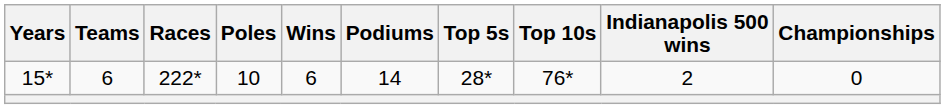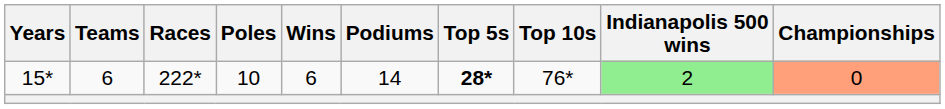 <table class="wikitable" style="text-align:center; font-size:90%">
 <tr>
 <th>Years</th>
 <th>Teams</th>
 <th>Races</th>
 <th>Poles</th>
 <th>Wins</th>
 <th>Podiums</th>
 <th>Top 5s</th>
 <th>Top 10s</th>
 <th>Indianapolis 500<br> wins</th>
 <th>Championships</th>
 </tr>
 <tr>
 <td>15*</td>
 <td>6</td>
 <td>222*</td>
 <td>10</td>
 <td>6</td>
 <td>14</td>
-<td>28*</td>
+<td><strong>28*</strong></td>
 <td>76*</td>
-<td>2</td>
-<td>0</td>
+<td style="background: lightgreen;">2</td>
+<td style="background: lightsalmon;">0</td>
 </tr>
 <tr>
 <th colspan="10"></th>
 </tr>
 </table>
